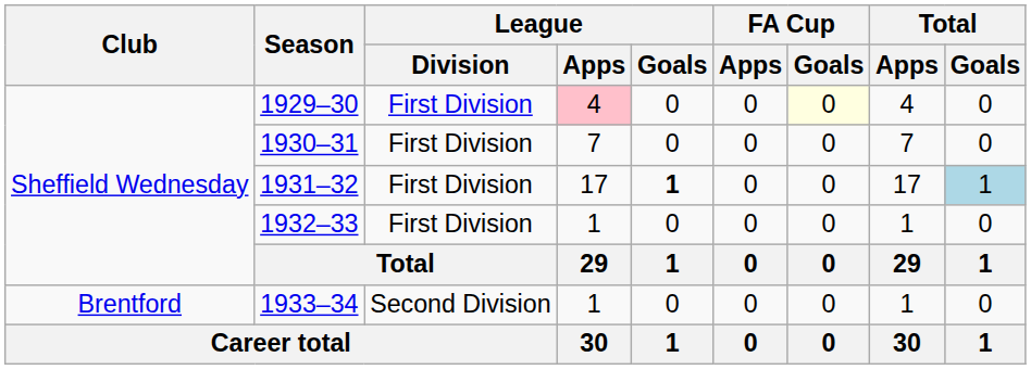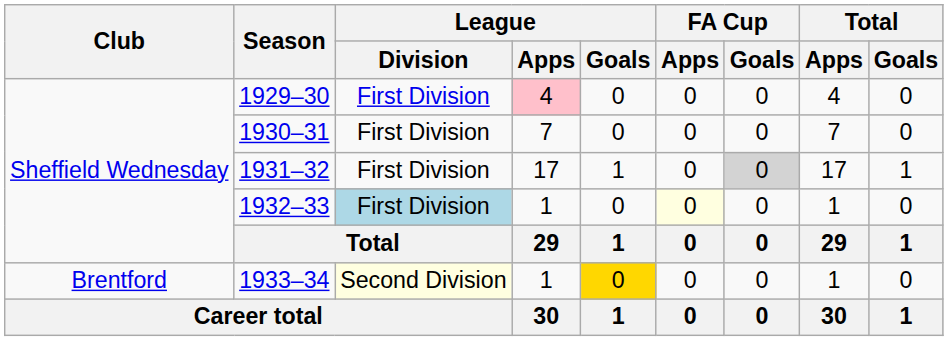 <table class="wikitable" style="text-align: center;">
 <tr>
 <th rowspan="2">Club</th>
 <th rowspan="2">Season</th>
 <th colspan="3">League</th>
 <th colspan="2">FA Cup</th>
 <th colspan="2">Total</th>
 </tr>
 <tr>
 <th>Division</th>
 <th>Apps</th>
 <th>Goals</th>
 <th>Apps</th>
 <th>Goals</th>
 <th>Apps</th>
 <th>Goals</th>
 </tr>
 <tr>
 <td rowspan="5"><a href='#'>Sheffield Wednesday</a></td>
 <td><a href='#'>1929–30</a></td>
 <td><a href='#'>First Division</a></td>
 <td style="background: pink;">4</td>
 <td>0</td>
 <td>0</td>
-<td style="background: lightyellow;">0</td>
+<td>0</td>
 <td>4</td>
 <td>0</td>
 </tr>
 <tr>
 <td><a href='#'>1930–31</a></td>
 <td>First Division</td>
 <td>7</td>
 <td>0</td>
 <td>0</td>
 <td>0</td>
 <td>7</td>
 <td>0</td>
 </tr>
 <tr>
 <td><a href='#'>1931–32</a></td>
 <td>First Division</td>
 <td>17</td>
-<td><strong>1</strong></td>
+<td>1</td>
 <td>0</td>
-<td>0</td>
+<td style="background: lightgrey;">0</td>
 <td>17</td>
-<td style="background: lightblue;">1</td>
+<td>1</td>
 </tr>
 <tr>
 <td><a href='#'>1932–33</a></td>
-<td>First Division</td>
+<td style="background: lightblue;">First Division</td>
 <td>1</td>
 <td>0</td>
-<td>0</td>
+<td style="background: lightyellow;">0</td>
 <td>0</td>
 <td>1</td>
 <td>0</td>
 </tr>
 <tr>
 <th colspan="2">Total</th>
 <th>29</th>
 <th>1</th>
 <th>0</th>
 <th>0</th>
 <th>29</th>
 <th>1</th>
 </tr>
 <tr>
 <td><a href='#'>Brentford</a></td>
 <td><a href='#'>1933–34</a></td>
-<td>Second Division</td>
+<td style="background: lightyellow;">Second Division</td>
 <td>1</td>
-<td>0</td>
+<td style="background: gold;">0</td>
 <td>0</td>
 <td>0</td>
 <td>1</td>
 <td>0</td>
 </tr>
 <tr>
 <th colspan="3">Career total</th>
 <th>30</th>
 <th>1</th>
 <th>0</th>
 <th>0</th>
 <th>30</th>
 <th>1</th>
 </tr>
 </table>
